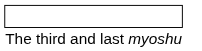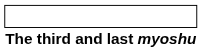 <table style="margin:1em;">
 <tr>
 <td style="border: solid thin; padding: 2px;"><br></td>
 </tr>
 <tr>
-<td style="text-align:center">The third and last <em>myoshu</em></td>
+<td style="text-align:center"><strong>The third and last <em>myoshu</em></strong></td>
 </tr>
 </table>
